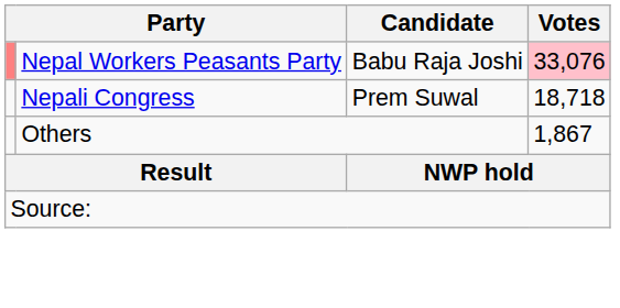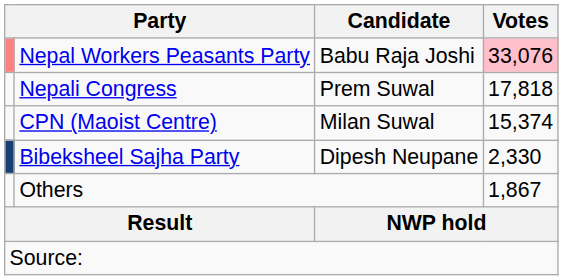 <table class="wikitable">
 <tr>
 <th colspan="2">Party</th>
 <th>Candidate</th>
 <th>Votes</th>
 </tr>
 <tr>
 <td style="background-color:#FF8080"></td>
 <td><a href='#'>Nepal Workers Peasants Party</a></td>
 <td>Babu Raja Joshi</td>
 <td style="background: pink;">33,076</td>
 </tr>
 <tr>
 <td style="background-color:"></td>
 <td><a href='#'>Nepali Congress</a></td>
 <td>Prem Suwal</td>
-<td>18,718</td>
+<td>17,818</td>
+</tr>
+<tr>
+<td style="background-color:"></td>
+<td><a href='#'>CPN (Maoist Centre)</a></td>
+<td>Milan Suwal</td>
+<td>15,374</td>
+</tr>
+<tr>
+<td style="background-color:#183F73"></td>
+<td><a href='#'>Bibeksheel Sajha Party</a></td>
+<td>Dipesh Neupane</td>
+<td>2,330</td>
 </tr>
 <tr>
 <td></td>
 <td colspan="2">Others</td>
 <td>1,867</td>
 </tr>
 <tr>
 <th colspan="2">Result</th>
 <th colspan="2">NWP hold</th>
 </tr>
 <tr>
 <td colspan="4">Source: </td>
 </tr>
 </table>
